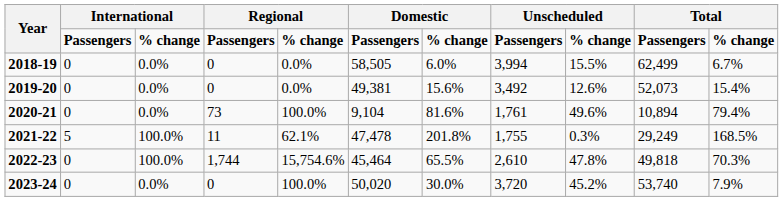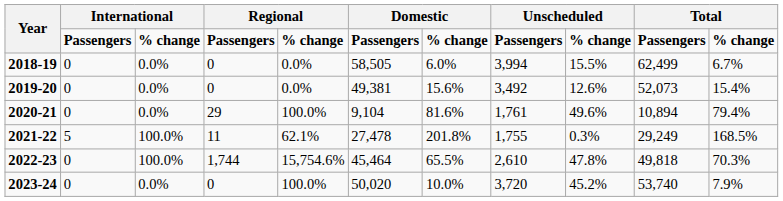 <table class="wikitable" style="font-size:90%;margin:auto;">
 <tr>
 <th rowspan="2">Year</th>
 <th colspan="2">International</th>
 <th colspan="2">Regional</th>
 <th colspan="2">Domestic</th>
 <th colspan="2">Unscheduled</th>
 <th colspan="2">Total</th>
 </tr>
 <tr>
 <td><strong>Passengers</strong></td>
 <td><strong>% change</strong></td>
 <td><strong>Passengers</strong></td>
 <td><strong>% change</strong></td>
 <td><strong>Passengers</strong></td>
 <td><strong>% change</strong></td>
 <td><strong>Passengers</strong></td>
 <td><strong>% change</strong></td>
 <td><strong>Passengers</strong></td>
 <td><strong>% change</strong></td>
 </tr>
 <tr>
 <td><strong>2018-19</strong></td>
 <td>0</td>
 <td>0.0%</td>
 <td>0</td>
 <td>0.0%</td>
 <td>58,505</td>
 <td>6.0%</td>
 <td>3,994</td>
 <td>15.5%</td>
 <td>62,499</td>
 <td>6.7%</td>
 </tr>
 <tr>
 <td><strong>2019-20</strong></td>
 <td>0</td>
 <td>0.0%</td>
 <td>0</td>
 <td>0.0%</td>
 <td>49,381</td>
 <td>15.6%</td>
 <td>3,492</td>
 <td>12.6%</td>
 <td>52,073</td>
 <td>15.4%</td>
 </tr>
 <tr>
 <td><strong>2020-21</strong></td>
 <td>0</td>
 <td>0.0%</td>
-<td>73</td>
+<td>29</td>
 <td>100.0%</td>
 <td>9,104</td>
 <td>81.6%</td>
 <td>1,761</td>
 <td>49.6%</td>
 <td>10,894</td>
 <td>79.4%</td>
 </tr>
 <tr>
 <td><strong>2021-22</strong></td>
 <td>5</td>
 <td>100.0%</td>
 <td>11</td>
 <td>62.1%</td>
-<td>47,478</td>
+<td>27,478</td>
 <td>201.8%</td>
 <td>1,755</td>
 <td>0.3%</td>
 <td>29,249</td>
 <td>168.5%</td>
 </tr>
 <tr>
 <td><strong>2022-23</strong></td>
 <td>0</td>
 <td>100.0%</td>
 <td>1,744</td>
 <td>15,754.6%</td>
 <td>45,464</td>
 <td>65.5%</td>
 <td>2,610</td>
 <td>47.8%</td>
 <td>49,818</td>
 <td>70.3%</td>
 </tr>
 <tr>
 <td><strong>2023-24</strong></td>
 <td>0</td>
 <td>0.0%</td>
 <td>0</td>
 <td>100.0%</td>
 <td>50,020</td>
-<td>30.0%</td>
+<td>10.0%</td>
 <td>3,720</td>
 <td>45.2%</td>
 <td>53,740</td>
 <td>7.9%</td>
 </tr>
 </table>
